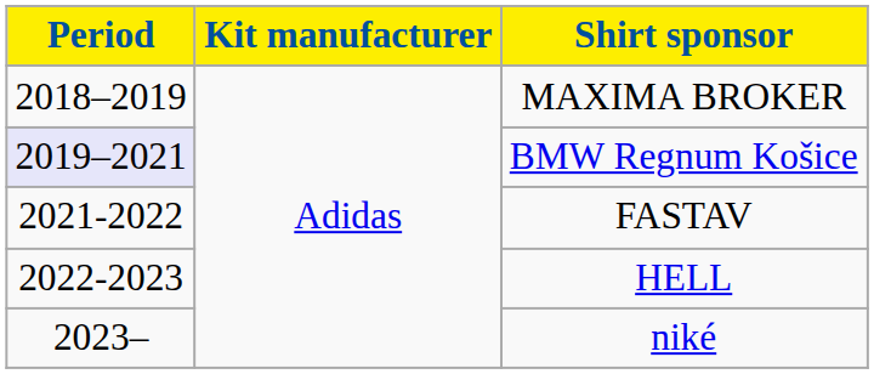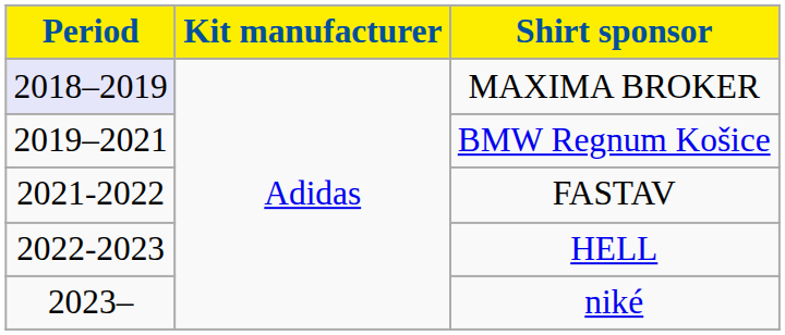 <table class="wikitable" style="text-align:center;margin-left:1em;float:centre">
 <tr>
 <th style="color:#00509E; background:#FDEE00;">Period</th>
 <th style="color:#00509E; background:#FDEE00;">Kit manufacturer</th>
 <th style="color:#00509E; background:#FDEE00;">Shirt sponsor</th>
 </tr>
 <tr>
-<td>2018–2019</td>
+<td style="background: lavender;">2018–2019</td>
 <td rowspan="5"><a href='#'>Adidas</a></td>
 <td>MAXIMA BROKER</td>
 </tr>
 <tr>
-<td style="background: lavender;">2019–2021</td>
+<td>2019–2021</td>
 <td><a href='#'>BMW Regnum Košice</a></td>
 </tr>
 <tr>
 <td>2021-2022</td>
 <td>FASTAV</td>
 </tr>
 <tr>
 <td>2022-2023</td>
 <td><a href='#'>HELL</a></td>
 </tr>
 <tr>
 <td>2023–</td>
 <td><a href='#'>niké</a></td>
 </tr>
 </table>
